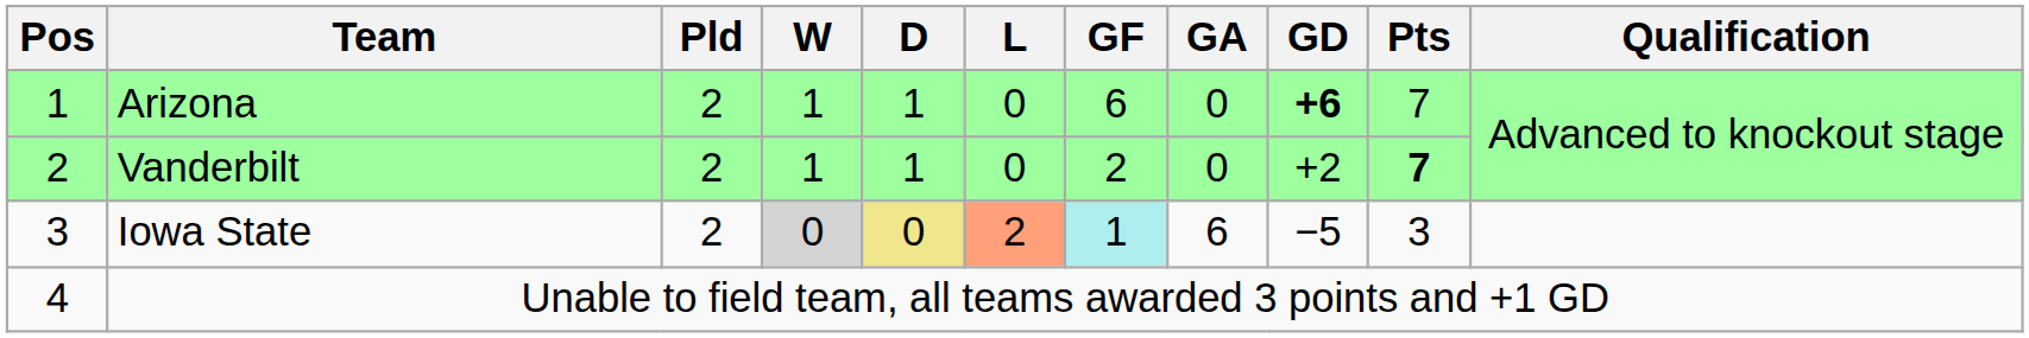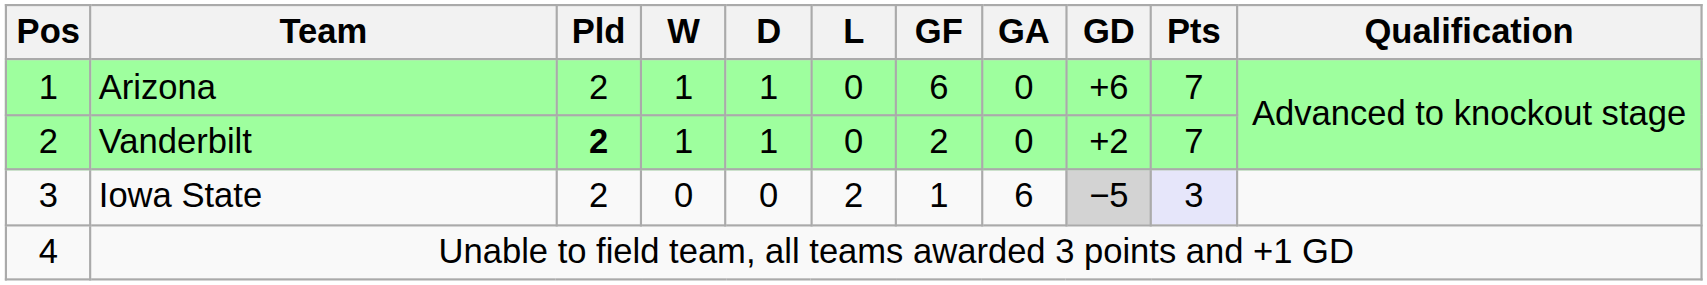 <table class="wikitable" style="text-align:center; margin: 1em auto">
 <tr>
 <th style="width:2em">Pos</th>
 <th style="width:13em">Team</th>
 <th style="width:2em">Pld</th>
 <th style="width:2em">W</th>
 <th style="width:2em">D</th>
 <th style="width:2em">L</th>
 <th style="width:2em">GF</th>
 <th style="width:2em">GA</th>
 <th style="width:2em">GD</th>
 <th style="width:2em">Pts</th>
 <th style="width:13em">Qualification</th>
 </tr>
 <tr bgcolor="#9eff9e">
 <td>1</td>
 <td style="text-align:left">Arizona</td>
 <td>2</td>
 <td>1</td>
 <td>1</td>
 <td>0</td>
 <td>6</td>
 <td>0</td>
-<td><strong>+6</strong></td>
+<td>+6</td>
 <td>7</td>
 <td rowspan="2">Advanced to knockout stage</td>
 </tr>
 <tr bgcolor="#9eff9e">
 <td>2</td>
 <td style="text-align:left">Vanderbilt</td>
-<td>2</td>
+<td><strong>2</strong></td>
 <td>1</td>
 <td>1</td>
 <td>0</td>
 <td>2</td>
 <td>0</td>
 <td>+2</td>
-<td><strong>7</strong></td>
+<td>7</td>
 </tr>
 <tr>
 <td>3</td>
 <td style="text-align:left">Iowa State</td>
 <td>2</td>
-<td style="background: lightgrey;">0</td>
-<td style="background: khaki;">0</td>
-<td style="background: lightsalmon;">2</td>
-<td style="background: paleturquoise;">1</td>
+<td>0</td>
+<td>0</td>
+<td>2</td>
+<td>1</td>
 <td>6</td>
-<td>−5</td>
-<td>3</td>
+<td style="background: lightgrey;">−5</td>
+<td style="background: lavender;">3</td>
 </tr>
 <tr>
 <td>4</td>
 <td colspan="10" style="text-align:center">Unable to field team, all teams awarded 3 points and +1 GD</td>
 </tr>
 </table>
